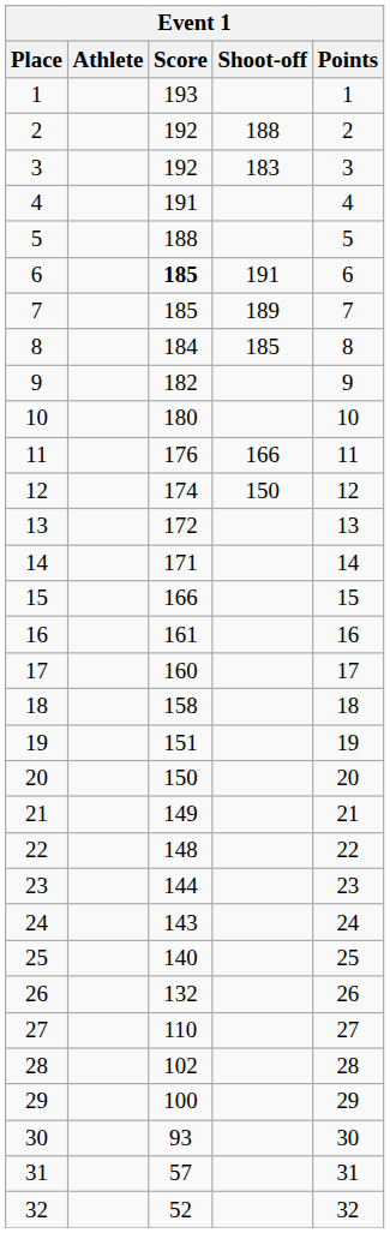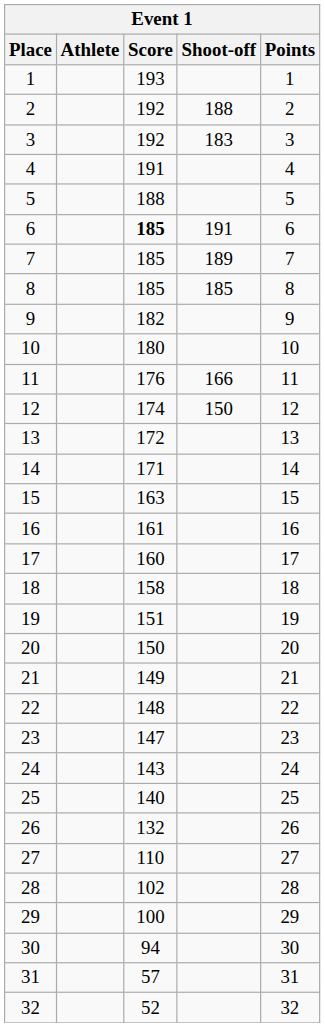 <table class=wikitable style="text-align:center">
 <tr>
 <th colspan=5>Event 1</th>
 </tr>
 <tr>
 <th>Place</th>
 <th>Athlete</th>
 <th>Score</th>
 <th>Shoot-off</th>
 <th>Points</th>
 </tr>
 <tr>
 <td>1</td>
 <td align=left></td>
 <td>193</td>
 <td></td>
 <td>1</td>
 </tr>
 <tr>
 <td>2</td>
 <td align=left></td>
 <td>192</td>
 <td>188</td>
 <td>2</td>
 </tr>
 <tr>
 <td>3</td>
 <td align=left></td>
 <td>192</td>
 <td>183</td>
 <td>3</td>
 </tr>
 <tr>
 <td>4</td>
 <td align=left></td>
 <td>191</td>
 <td></td>
 <td>4</td>
 </tr>
 <tr>
 <td>5</td>
 <td align=left></td>
 <td>188</td>
 <td></td>
 <td>5</td>
 </tr>
 <tr>
 <td>6</td>
 <td align=left></td>
 <td><strong>185</strong></td>
 <td>191</td>
 <td>6</td>
 </tr>
 <tr>
 <td>7</td>
 <td align=left></td>
 <td>185</td>
 <td>189</td>
 <td>7</td>
 </tr>
 <tr>
 <td>8</td>
 <td align=left></td>
-<td>184</td>
+<td>185</td>
 <td>185</td>
 <td>8</td>
 </tr>
 <tr>
 <td>9</td>
 <td align=left></td>
 <td>182</td>
 <td></td>
 <td>9</td>
 </tr>
 <tr>
 <td>10</td>
 <td align=left></td>
 <td>180</td>
 <td></td>
 <td>10</td>
 </tr>
 <tr>
 <td>11</td>
 <td align=left></td>
 <td>176</td>
 <td>166</td>
 <td>11</td>
 </tr>
 <tr>
 <td>12</td>
 <td align=left></td>
 <td>174</td>
 <td>150</td>
 <td>12</td>
 </tr>
 <tr>
 <td>13</td>
 <td align=left></td>
 <td>172</td>
 <td></td>
 <td>13</td>
 </tr>
 <tr>
 <td>14</td>
 <td align=left></td>
 <td>171</td>
 <td></td>
 <td>14</td>
 </tr>
 <tr>
 <td>15</td>
 <td align=left></td>
-<td>166</td>
+<td>163</td>
 <td></td>
 <td>15</td>
 </tr>
 <tr>
 <td>16</td>
 <td align=left></td>
 <td>161</td>
 <td></td>
 <td>16</td>
 </tr>
 <tr>
 <td>17</td>
 <td align=left></td>
 <td>160</td>
 <td></td>
 <td>17</td>
 </tr>
 <tr>
 <td>18</td>
 <td align=left></td>
 <td>158</td>
 <td></td>
 <td>18</td>
 </tr>
 <tr>
 <td>19</td>
 <td align=left></td>
 <td>151</td>
 <td></td>
 <td>19</td>
 </tr>
 <tr>
 <td>20</td>
 <td align=left></td>
 <td>150</td>
 <td></td>
 <td>20</td>
 </tr>
 <tr>
 <td>21</td>
 <td align=left></td>
 <td>149</td>
 <td></td>
 <td>21</td>
 </tr>
 <tr>
 <td>22</td>
 <td align=left></td>
 <td>148</td>
 <td></td>
 <td>22</td>
 </tr>
 <tr>
 <td>23</td>
 <td align=left></td>
-<td>144</td>
+<td>147</td>
 <td></td>
 <td>23</td>
 </tr>
 <tr>
 <td>24</td>
 <td align=left></td>
 <td>143</td>
 <td></td>
 <td>24</td>
 </tr>
 <tr>
 <td>25</td>
 <td align=left></td>
 <td>140</td>
 <td></td>
 <td>25</td>
 </tr>
 <tr>
 <td>26</td>
 <td align=left></td>
 <td>132</td>
 <td></td>
 <td>26</td>
 </tr>
 <tr>
 <td>27</td>
 <td align=left></td>
 <td>110</td>
 <td></td>
 <td>27</td>
 </tr>
 <tr>
 <td>28</td>
 <td align=left></td>
 <td>102</td>
 <td></td>
 <td>28</td>
 </tr>
 <tr>
 <td>29</td>
 <td align=left></td>
 <td>100</td>
 <td></td>
 <td>29</td>
 </tr>
 <tr>
 <td>30</td>
 <td align=left></td>
-<td>93</td>
+<td>94</td>
 <td></td>
 <td>30</td>
 </tr>
 <tr>
 <td>31</td>
 <td align=left></td>
 <td>57</td>
 <td></td>
 <td>31</td>
 </tr>
 <tr>
 <td>32</td>
 <td align=left></td>
 <td>52</td>
 <td></td>
 <td>32</td>
 </tr>
 </table>
